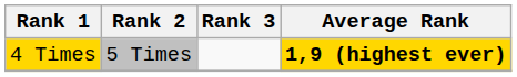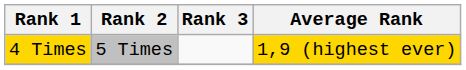 <table class="wikitable">
 <tr>
 <th>Rank 1</th>
 <th>Rank 2</th>
 <th>Rank 3</th>
 <th>Average Rank</th>
 </tr>
 <tr>
 <td bgcolor="gold">4 Times</td>
 <td bgcolor="silver">5 Times</td>
 <td></td>
-<td bgcolor="gold"><strong>1,9 (highest ever)</strong></td>
+<td bgcolor="gold">1,9 (highest ever)</td>
 </tr>
 <tr>
 </tr>
 </table>
